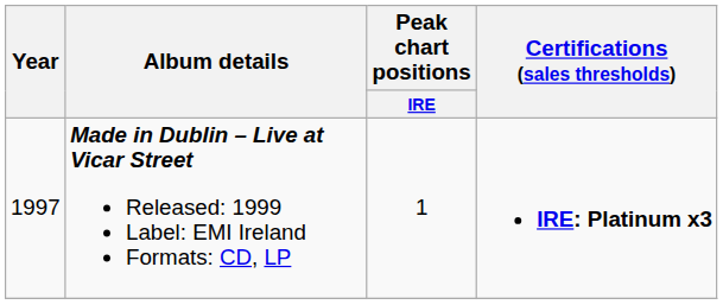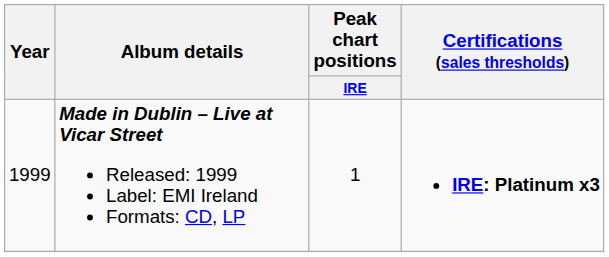 <table class="wikitable" style="text-align:center;">
 <tr>
 <th rowspan="2">Year</th>
 <th width="210" rowspan="2">Album details</th>
 <th colspan="1">Peak chart positions</th>
 <th rowspan="2"><a href='#'>Certifications</a><br><small>(<a href='#'>sales thresholds</a>)</small></th>
 </tr>
 <tr>
 <th style="width:3em;font-size:75%"><a href='#'>IRE</a></th>
 </tr>
 <tr>
-<td>1997</td>
+<td>1999</td>
 <td align="left"><strong><em>Made in Dublin – Live at Vicar Street</em></strong><br><ul><li>Released: 1999</li><li>Label: EMI Ireland</li><li>Formats: <a href='#'>CD</a>, <a href='#'>LP</a></li></ul></td>
 <td>1</td>
 <td align="left"><strong><br><ul><li><a href='#'>IRE</a>: Platinum x3</li></ul></strong></td>
 </tr>
 <tr>
 </tr>
 </table>
